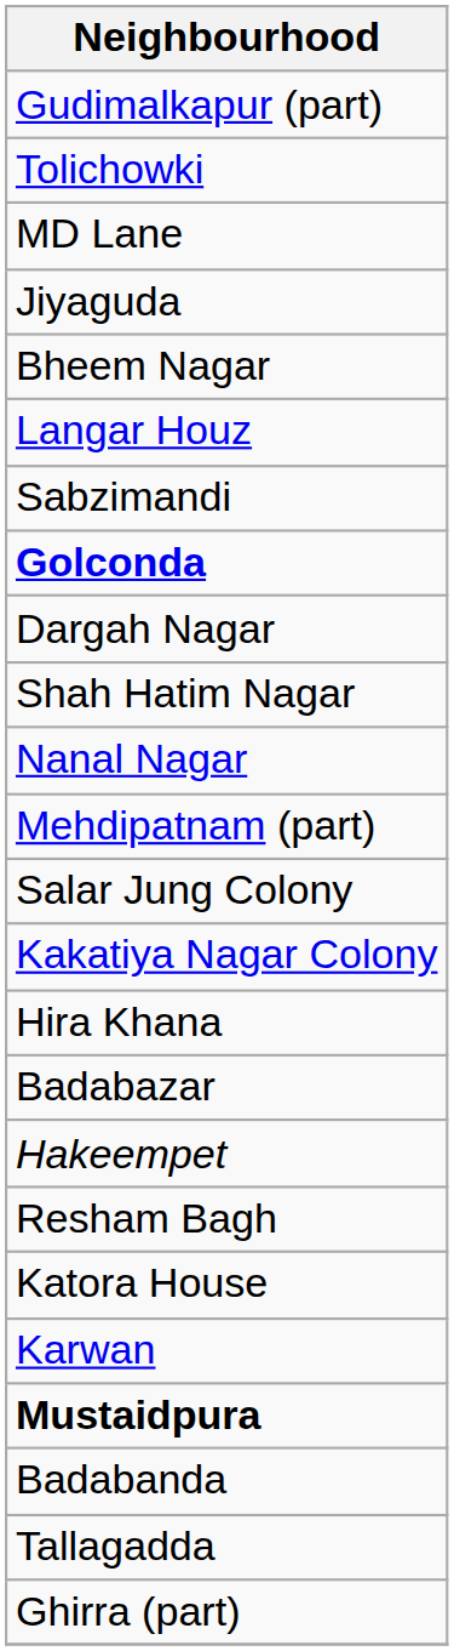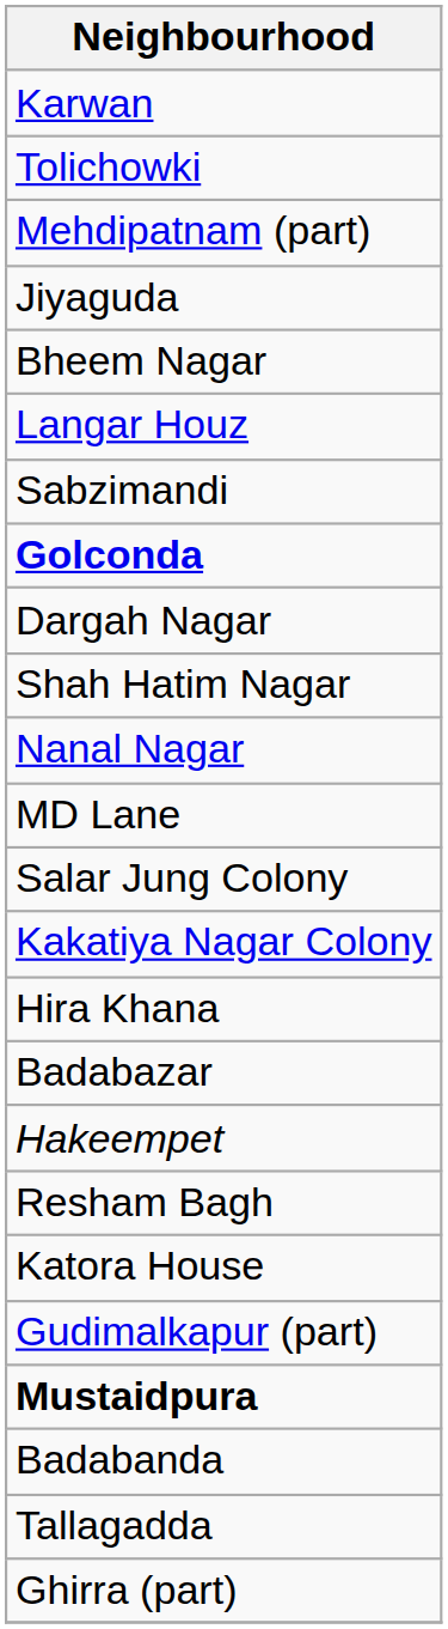 <table class="wikitable sortable static-row-numbers static-row-header-hash">
 <tr>
 <th>Neighbourhood</th>
 </tr>
 <tr>
-<td><a href='#'>Gudimalkapur</a> (part)</td>
+<td><a href='#'>Karwan</a></td>
 </tr>
 <tr>
 <td><a href='#'>Tolichowki</a></td>
 </tr>
 <tr>
-<td>MD Lane</td>
+<td><a href='#'>Mehdipatnam</a> (part)</td>
 </tr>
 <tr>
 <td>Jiyaguda</td>
 </tr>
 <tr>
 <td>Bheem Nagar</td>
 </tr>
 <tr>
 <td><a href='#'>Langar Houz</a></td>
 </tr>
 <tr>
 <td>Sabzimandi</td>
 </tr>
 <tr>
 <td><strong><a href='#'>Golconda</a></strong></td>
 </tr>
 <tr>
 <td>Dargah Nagar</td>
 </tr>
 <tr>
 <td>Shah Hatim Nagar</td>
 </tr>
 <tr>
 <td><a href='#'>Nanal Nagar</a></td>
 </tr>
 <tr>
-<td><a href='#'>Mehdipatnam</a> (part)</td>
+<td>MD Lane</td>
 </tr>
 <tr>
 <td>Salar Jung Colony</td>
 </tr>
 <tr>
 <td><a href='#'>Kakatiya Nagar Colony</a></td>
 </tr>
 <tr>
 <td>Hira Khana</td>
 </tr>
 <tr>
 <td>Badabazar</td>
 </tr>
 <tr>
 <td><em>Hakeempet</em></td>
 </tr>
 <tr>
 <td>Resham Bagh</td>
 </tr>
 <tr>
 <td>Katora House</td>
 </tr>
 <tr>
-<td><a href='#'>Karwan</a></td>
+<td><a href='#'>Gudimalkapur</a> (part)</td>
 </tr>
 <tr>
 <td><strong>Mustaidpura</strong></td>
 </tr>
 <tr>
 <td>Badabanda</td>
 </tr>
 <tr>
 <td>Tallagadda</td>
 </tr>
 <tr>
 <td>Ghirra (part)</td>
 </tr>
 <tr>
 </tr>
 </table>
